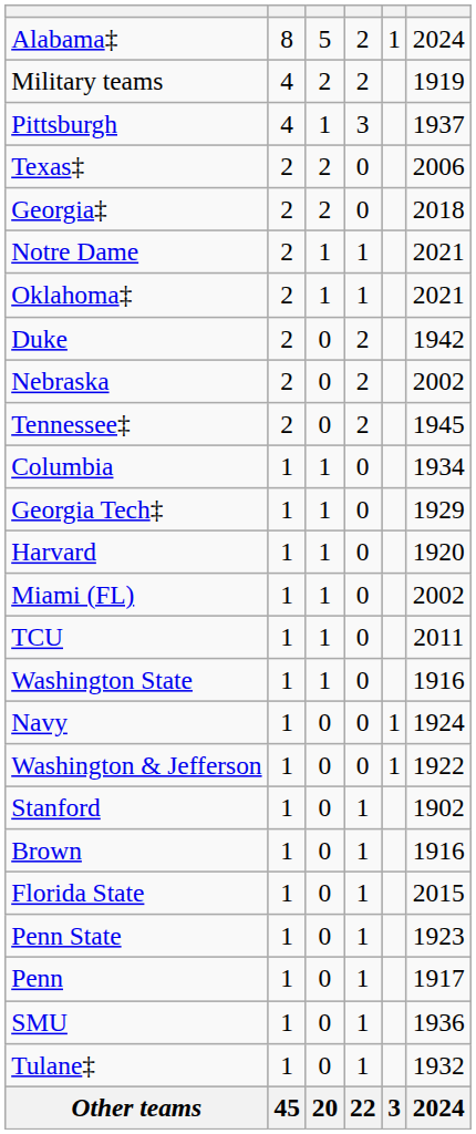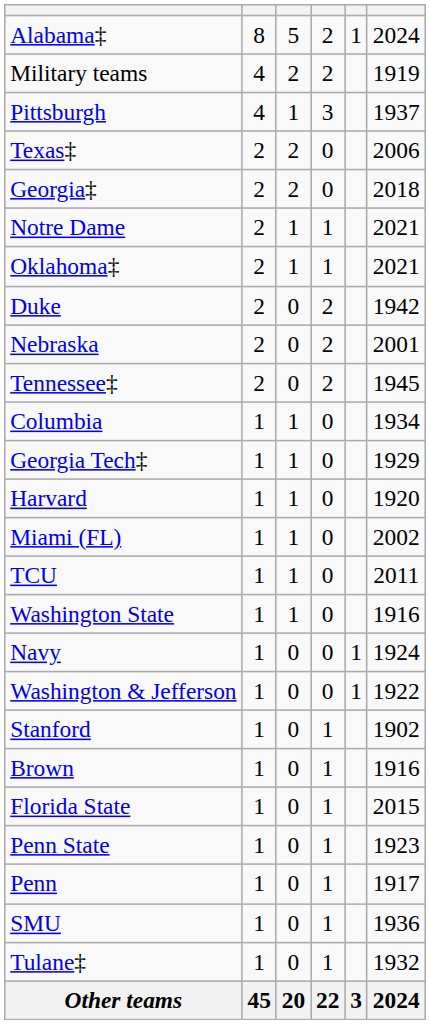 <table class="wikitable sortable" style="text-align:center; font-size: 95%;">
 <tr>
 <th></th>
 <th></th>
 <th></th>
 <th></th>
 <th></th>
 <th></th>
 </tr>
 <tr>
 <td align=left><a href='#'>Alabama</a>‡</td>
 <td>8</td>
 <td>5</td>
 <td>2</td>
 <td>1</td>
 <td>2024</td>
 </tr>
 <tr>
 <td align=left>Military teams</td>
 <td>4</td>
 <td>2</td>
 <td>2</td>
 <td></td>
 <td>1919</td>
 </tr>
 <tr>
 <td align=left><a href='#'>Pittsburgh</a></td>
 <td>4</td>
 <td>1</td>
 <td>3</td>
 <td></td>
 <td>1937</td>
 </tr>
 <tr>
 <td align=left><a href='#'>Texas</a>‡</td>
 <td>2</td>
 <td>2</td>
 <td>0</td>
 <td></td>
 <td>2006</td>
 </tr>
 <tr>
 <td align=left><a href='#'>Georgia</a>‡</td>
 <td>2</td>
 <td>2</td>
 <td>0</td>
 <td></td>
 <td>2018</td>
 </tr>
 <tr>
 <td align=left><a href='#'>Notre Dame</a></td>
 <td>2</td>
 <td>1</td>
 <td>1</td>
 <td></td>
 <td>2021</td>
 </tr>
 <tr>
 <td align=left><a href='#'>Oklahoma</a>‡</td>
 <td>2</td>
 <td>1</td>
 <td>1</td>
 <td></td>
 <td>2021</td>
 </tr>
 <tr>
 <td align=left><a href='#'>Duke</a></td>
 <td>2</td>
 <td>0</td>
 <td>2</td>
 <td></td>
 <td>1942</td>
 </tr>
 <tr>
 <td align=left><a href='#'>Nebraska</a></td>
 <td>2</td>
 <td>0</td>
 <td>2</td>
 <td></td>
-<td>2002</td>
+<td>2001</td>
 </tr>
 <tr>
 <td align=left><a href='#'>Tennessee</a>‡</td>
 <td>2</td>
 <td>0</td>
 <td>2</td>
 <td></td>
 <td>1945</td>
 </tr>
 <tr>
 <td align=left><a href='#'>Columbia</a></td>
 <td>1</td>
 <td>1</td>
 <td>0</td>
 <td></td>
 <td>1934</td>
 </tr>
 <tr>
 <td align=left><a href='#'>Georgia Tech</a>‡</td>
 <td>1</td>
 <td>1</td>
 <td>0</td>
 <td></td>
 <td>1929</td>
 </tr>
 <tr>
 <td align=left><a href='#'>Harvard</a></td>
 <td>1</td>
 <td>1</td>
 <td>0</td>
 <td></td>
 <td>1920</td>
 </tr>
 <tr>
 <td align=left><a href='#'>Miami (FL)</a></td>
 <td>1</td>
 <td>1</td>
 <td>0</td>
 <td></td>
 <td>2002</td>
 </tr>
 <tr>
 <td align=left><a href='#'>TCU</a></td>
 <td>1</td>
 <td>1</td>
 <td>0</td>
 <td></td>
 <td>2011</td>
 </tr>
 <tr>
 <td align=left><a href='#'>Washington State</a></td>
 <td>1</td>
 <td>1</td>
 <td>0</td>
 <td></td>
 <td>1916</td>
 </tr>
 <tr>
 <td align=left><a href='#'>Navy</a></td>
 <td>1</td>
 <td>0</td>
 <td>0</td>
 <td>1</td>
 <td>1924</td>
 </tr>
 <tr>
 <td align=left><a href='#'>Washington & Jefferson</a></td>
 <td>1</td>
 <td>0</td>
 <td>0</td>
 <td>1</td>
 <td>1922</td>
 </tr>
 <tr>
 <td align=left><a href='#'>Stanford</a></td>
 <td>1</td>
 <td>0</td>
 <td>1</td>
 <td></td>
 <td>1902</td>
 </tr>
 <tr>
 <td align=left><a href='#'>Brown</a></td>
 <td>1</td>
 <td>0</td>
 <td>1</td>
 <td></td>
 <td>1916</td>
 </tr>
 <tr>
 <td align=left><a href='#'>Florida State</a></td>
 <td>1</td>
 <td>0</td>
 <td>1</td>
 <td></td>
 <td>2015</td>
 </tr>
 <tr>
 <td align=left><a href='#'>Penn State</a></td>
 <td>1</td>
 <td>0</td>
 <td>1</td>
 <td></td>
 <td>1923</td>
 </tr>
 <tr>
 <td align=left><a href='#'>Penn</a></td>
 <td>1</td>
 <td>0</td>
 <td>1</td>
 <td></td>
 <td>1917</td>
 </tr>
 <tr>
 <td align=left><a href='#'>SMU</a></td>
 <td>1</td>
 <td>0</td>
 <td>1</td>
 <td></td>
 <td>1936</td>
 </tr>
 <tr>
 <td align=left><a href='#'>Tulane</a>‡</td>
 <td>1</td>
 <td>0</td>
 <td>1</td>
 <td></td>
 <td>1932</td>
 </tr>
 <tr class="sortbottom">
 <th align=left><em>Other teams</em></th>
 <th>45</th>
 <th>20</th>
 <th>22</th>
 <th>3</th>
 <th>2024</th>
 </tr>
 </table>
